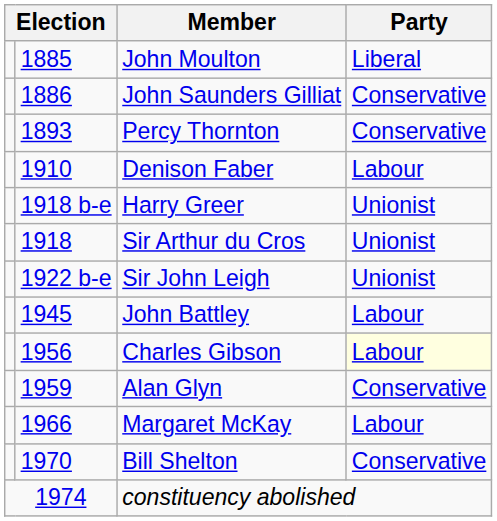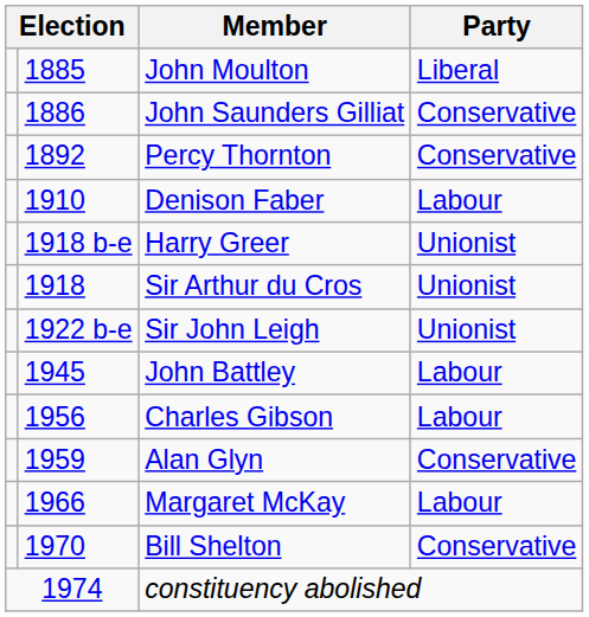 <table class="wikitable">
 <tr>
 <th colspan="2">Election</th>
 <th>Member</th>
 <th>Party</th>
 </tr>
 <tr>
 <td style="color:inherit;background-color: "></td>
 <td><a href='#'>1885</a></td>
 <td><a href='#'>John Moulton</a></td>
 <td><a href='#'>Liberal</a></td>
 </tr>
 <tr>
 <td style="color:inherit;background-color: "></td>
 <td><a href='#'>1886</a></td>
 <td><a href='#'>John Saunders Gilliat</a></td>
 <td><a href='#'>Conservative</a></td>
 </tr>
 <tr>
 <td style="color:inherit;background-color: "></td>
-<td><a href='#'>1893</a></td>
+<td><a href='#'>1892</a></td>
 <td><a href='#'>Percy Thornton</a></td>
 <td><a href='#'>Conservative</a></td>
 </tr>
 <tr>
 <td style="color:inherit;background-color: "></td>
 <td><a href='#'>1910</a></td>
 <td><a href='#'>Denison Faber</a></td>
 <td><a href='#'>Labour</a></td>
 </tr>
 <tr>
 <td style="color:inherit;background-color: "></td>
 <td><a href='#'>1918 b-e</a></td>
 <td><a href='#'>Harry Greer</a></td>
 <td><a href='#'>Unionist</a></td>
 </tr>
 <tr>
 <td style="color:inherit;background-color: "></td>
 <td><a href='#'>1918</a></td>
 <td><a href='#'>Sir Arthur du Cros</a></td>
 <td><a href='#'>Unionist</a></td>
 </tr>
 <tr>
 <td style="color:inherit;background-color: "></td>
 <td><a href='#'>1922 b-e</a></td>
 <td><a href='#'>Sir John Leigh</a></td>
 <td><a href='#'>Unionist</a></td>
 </tr>
 <tr>
 <td style="color:inherit;background-color: "></td>
 <td><a href='#'>1945</a></td>
 <td><a href='#'>John Battley</a></td>
 <td><a href='#'>Labour</a></td>
 </tr>
 <tr>
 <td style="color:inherit;background-color: "></td>
 <td><a href='#'>1956</a></td>
 <td><a href='#'>Charles Gibson</a></td>
-<td style="background: lightyellow;"><a href='#'>Labour</a></td>
+<td><a href='#'>Labour</a></td>
 </tr>
 <tr>
 <td style="color:inherit;background-color: "></td>
 <td><a href='#'>1959</a></td>
 <td><a href='#'>Alan Glyn</a></td>
 <td><a href='#'>Conservative</a></td>
 </tr>
 <tr>
 <td style="color:inherit;background-color: "></td>
 <td><a href='#'>1966</a></td>
 <td><a href='#'>Margaret McKay</a></td>
 <td><a href='#'>Labour</a></td>
 </tr>
 <tr>
 <td style="color:inherit;background-color: "></td>
 <td><a href='#'>1970</a></td>
 <td><a href='#'>Bill Shelton</a></td>
 <td><a href='#'>Conservative</a></td>
 </tr>
 <tr>
 <td colspan="2" align="center"><a href='#'>1974</a></td>
 <td colspan="2"><em>constituency abolished</em></td>
 </tr>
 </table>
